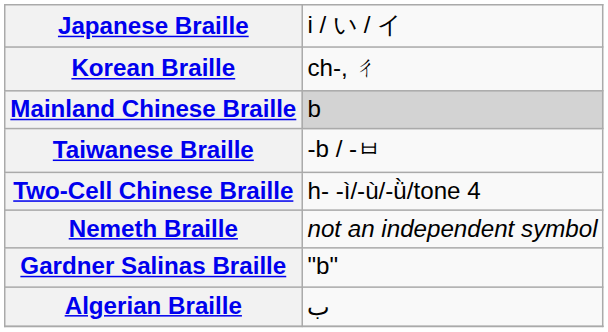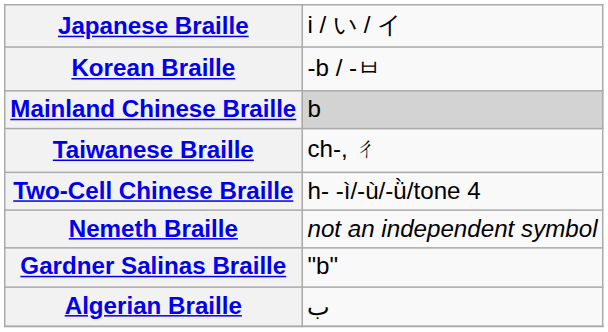 <table class="wikitable">
 <tr>
 <th align=left><a href='#'>Japanese Braille</a></th>
 <td>i / い / イ </td>
 </tr>
 <tr>
 <th align=left><a href='#'>Korean Braille</a></th>
-<td>ch-, ㄔ</td>
+<td>-b / -ㅂ </td>
 </tr>
 <tr>
 <th align=left><a href='#'>Mainland Chinese Braille</a></th>
 <td style="background: lightgrey;">b </td>
 </tr>
 <tr>
 <th align=left><a href='#'>Taiwanese Braille</a></th>
-<td>-b / -ㅂ </td>
+<td>ch-, ㄔ</td>
 </tr>
 <tr>
 <th align=left><a href='#'>Two-Cell Chinese Braille</a></th>
 <td>h- -ì/-ù/-ǜ/tone 4</td>
 </tr>
 <tr>
 <th align=left><a href='#'>Nemeth Braille</a></th>
 <td><em>not an independent symbol</em> </td>
 </tr>
 <tr>
 <th align=left><a href='#'>Gardner Salinas Braille</a></th>
 <td>"b" </td>
 </tr>
 <tr>
 <th align=left><a href='#'>Algerian Braille</a></th>
 <td>ب ‎</td>
 </tr>
 <tr>
 </tr>
 </table>
